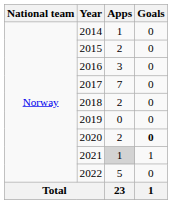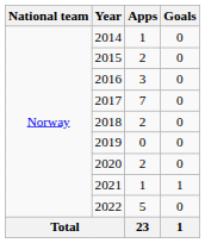 <table class="wikitable" style="text-align:center">
 <tr>
 <th>National team</th>
 <th>Year</th>
 <th>Apps</th>
 <th>Goals</th>
 </tr>
 <tr>
 <td rowspan=9><a href='#'>Norway</a></td>
 <td>2014</td>
 <td>1</td>
 <td>0</td>
 </tr>
 <tr>
 <td>2015</td>
 <td>2</td>
 <td>0</td>
 </tr>
 <tr>
 <td>2016</td>
 <td>3</td>
 <td>0</td>
 </tr>
 <tr>
 <td>2017</td>
 <td>7</td>
 <td>0</td>
 </tr>
 <tr>
 <td>2018</td>
 <td>2</td>
 <td>0</td>
 </tr>
 <tr>
 <td>2019</td>
 <td>0</td>
 <td>0</td>
 </tr>
 <tr>
 <td>2020</td>
 <td>2</td>
-<td><strong>0</strong></td>
+<td>0</td>
 </tr>
 <tr>
 <td>2021</td>
-<td style="background: lightgrey;">1</td>
+<td>1</td>
 <td>1</td>
 </tr>
 <tr>
 <td>2022</td>
 <td>5</td>
 <td>0</td>
 </tr>
 <tr>
 <th colspan=2>Total</th>
 <th>23</th>
 <th>1</th>
 </tr>
 </table>
